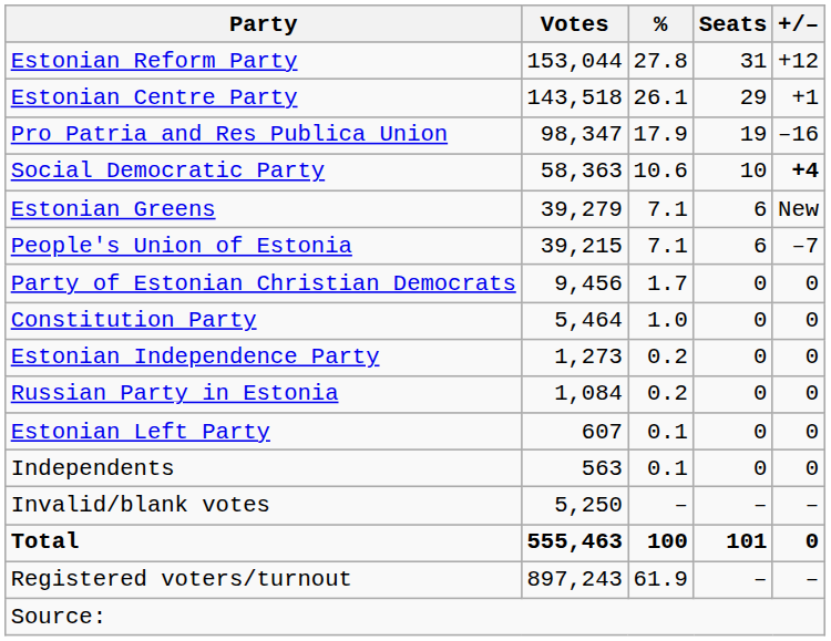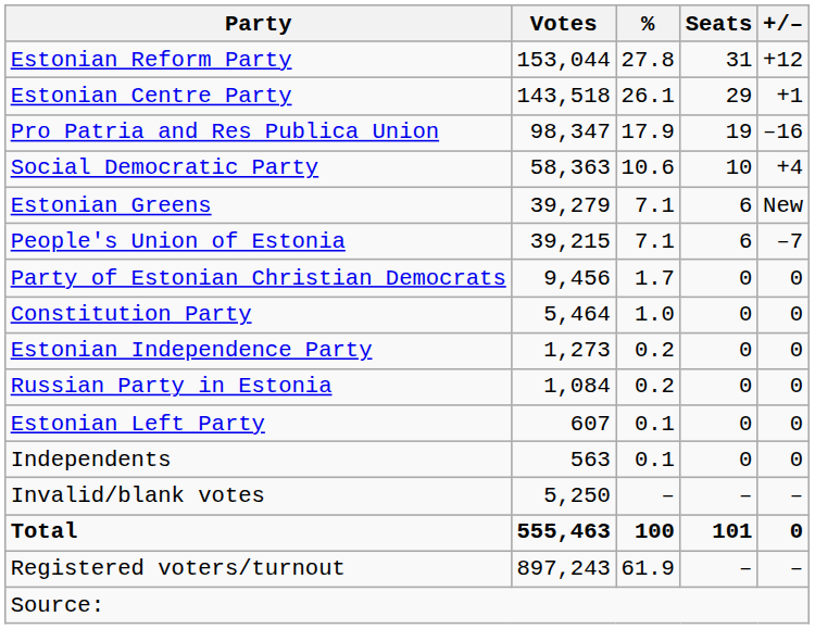 <table class=wikitable style=text-align:right>
 <tr>
 <th>Party</th>
 <th>Votes</th>
 <th>%</th>
 <th>Seats</th>
 <th>+/–</th>
 </tr>
 <tr>
 <td align=left><a href='#'>Estonian Reform Party</a></td>
 <td>153,044</td>
 <td>27.8</td>
 <td>31</td>
 <td>+12</td>
 </tr>
 <tr>
 <td align=left><a href='#'>Estonian Centre Party</a></td>
 <td>143,518</td>
 <td>26.1</td>
 <td>29</td>
 <td>+1</td>
 </tr>
 <tr>
 <td align=left><a href='#'>Pro Patria and Res Publica Union</a></td>
 <td>98,347</td>
 <td>17.9</td>
 <td>19</td>
 <td>–16</td>
 </tr>
 <tr>
 <td align=left><a href='#'>Social Democratic Party</a></td>
 <td>58,363</td>
 <td>10.6</td>
 <td>10</td>
-<td><strong>+4</strong></td>
+<td>+4</td>
 </tr>
 <tr>
 <td align=left><a href='#'>Estonian Greens</a></td>
 <td>39,279</td>
 <td>7.1</td>
 <td>6</td>
 <td>New</td>
 </tr>
 <tr>
 <td align=left><a href='#'>People's Union of Estonia</a></td>
 <td>39,215</td>
 <td>7.1</td>
 <td>6</td>
 <td>–7</td>
 </tr>
 <tr>
 <td align=left><a href='#'>Party of Estonian Christian Democrats</a></td>
 <td>9,456</td>
 <td>1.7</td>
 <td>0</td>
 <td>0</td>
 </tr>
 <tr>
 <td align=left><a href='#'>Constitution Party</a></td>
 <td>5,464</td>
 <td>1.0</td>
 <td>0</td>
 <td>0</td>
 </tr>
 <tr>
 <td align=left><a href='#'>Estonian Independence Party</a></td>
 <td>1,273</td>
 <td>0.2</td>
 <td>0</td>
 <td>0</td>
 </tr>
 <tr>
 <td align=left><a href='#'>Russian Party in Estonia</a></td>
 <td>1,084</td>
 <td>0.2</td>
 <td>0</td>
 <td>0</td>
 </tr>
 <tr>
 <td align=left><a href='#'>Estonian Left Party</a></td>
 <td>607</td>
 <td>0.1</td>
 <td>0</td>
 <td>0</td>
 </tr>
 <tr>
 <td align=left>Independents</td>
 <td>563</td>
 <td>0.1</td>
 <td>0</td>
 <td>0</td>
 </tr>
 <tr>
 <td align=left>Invalid/blank votes</td>
 <td>5,250</td>
 <td>–</td>
 <td>–</td>
 <td>–</td>
 </tr>
 <tr>
 <td align=left><strong>Total</strong></td>
 <td><strong>555,463</strong></td>
 <td><strong>100</strong></td>
 <td><strong>101</strong></td>
 <td><strong>0</strong></td>
 </tr>
 <tr>
 <td align=left>Registered voters/turnout</td>
 <td>897,243</td>
 <td>61.9</td>
 <td>–</td>
 <td>–</td>
 </tr>
 <tr>
 <td align=left colspan=5>Source: </td>
 </tr>
 </table>
